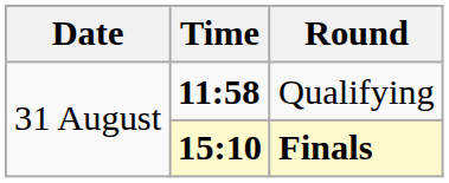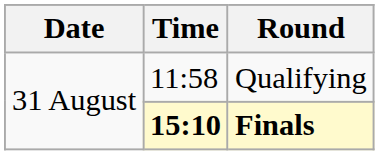 <table class="wikitable">
 <tr>
 <th>Date</th>
 <th>Time</th>
 <th>Round</th>
 </tr>
 <tr>
 <td rowspan=2>31 August</td>
-<td><strong>11:58</strong></td>
+<td>11:58</td>
 <td>Qualifying</td>
 </tr>
 <tr style="background:lemonchiffon">
 <td><strong>15:10</strong></td>
 <td><strong>Finals</strong></td>
 </tr>
 </table>
